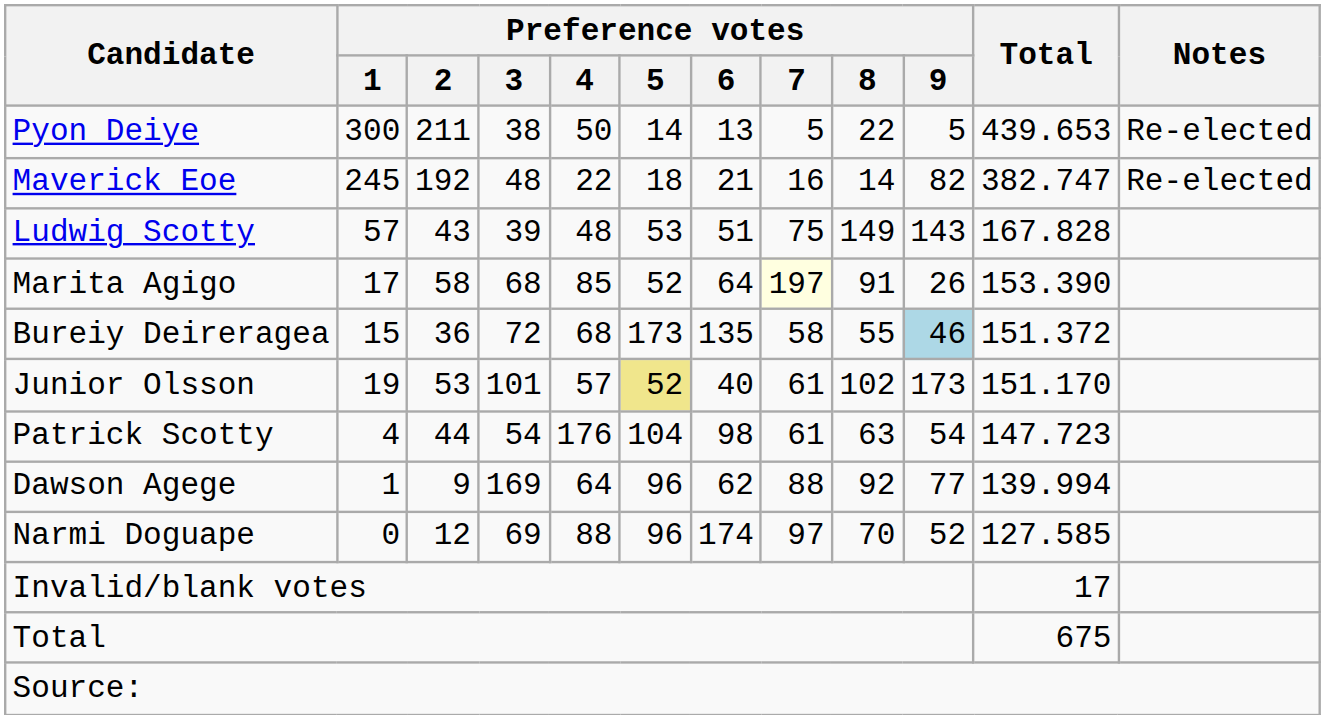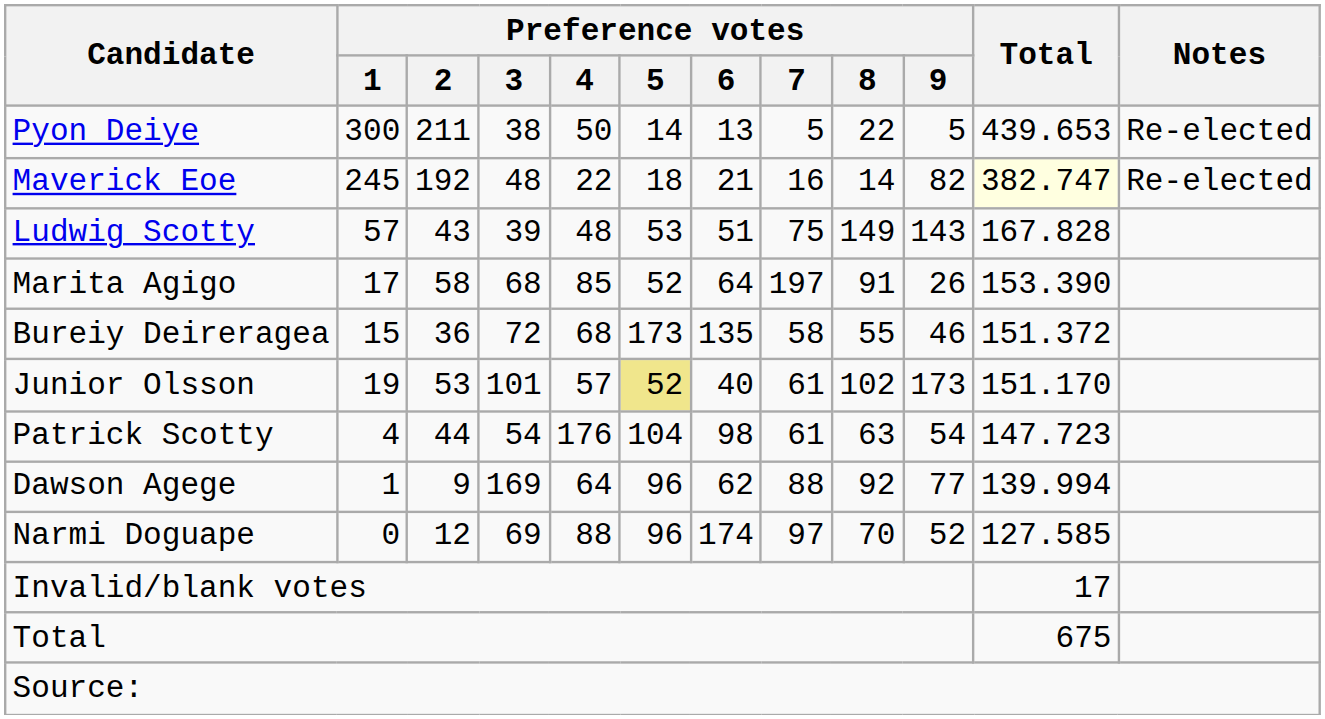 <table class="wikitable" style="text-align:right">
 <tr>
 <th rowspan="2">Candidate</th>
 <th colspan="9">Preference votes</th>
 <th rowspan="2">Total</th>
 <th rowspan="2">Notes</th>
 </tr>
 <tr>
 <th>1</th>
 <th>2</th>
 <th>3</th>
 <th>4</th>
 <th>5</th>
 <th>6</th>
 <th>7</th>
 <th>8</th>
 <th>9</th>
 </tr>
 <tr>
 <td align="left"><a href='#'>Pyon Deiye</a></td>
 <td>300</td>
 <td>211</td>
 <td>38</td>
 <td>50</td>
 <td>14</td>
 <td>13</td>
 <td>5</td>
 <td>22</td>
 <td>5</td>
 <td>439.653</td>
 <td align="left">Re-elected</td>
 </tr>
 <tr>
 <td align="left"><a href='#'>Maverick Eoe</a></td>
 <td>245</td>
 <td>192</td>
 <td>48</td>
 <td>22</td>
 <td>18</td>
 <td>21</td>
 <td>16</td>
 <td>14</td>
 <td>82</td>
-<td>382.747</td>
+<td style="background: lightyellow;">382.747</td>
 <td align="left">Re-elected</td>
 </tr>
 <tr>
 <td align="left"><a href='#'>Ludwig Scotty</a></td>
 <td>57</td>
 <td>43</td>
 <td>39</td>
 <td>48</td>
 <td>53</td>
 <td>51</td>
 <td>75</td>
 <td>149</td>
 <td>143</td>
 <td>167.828</td>
 <td align="left"></td>
 </tr>
 <tr>
 <td align="left">Marita Agigo</td>
 <td>17</td>
 <td>58</td>
 <td>68</td>
 <td>85</td>
 <td>52</td>
 <td>64</td>
-<td style="background: lightyellow;">197</td>
+<td>197</td>
 <td>91</td>
 <td>26</td>
 <td>153.390</td>
 <td></td>
 </tr>
 <tr>
 <td align="left">Bureiy Deireragea</td>
 <td>15</td>
 <td>36</td>
 <td>72</td>
 <td>68</td>
 <td>173</td>
 <td>135</td>
 <td>58</td>
 <td>55</td>
-<td style="background: lightblue;">46</td>
+<td>46</td>
 <td>151.372</td>
 <td></td>
 </tr>
 <tr>
 <td align="left">Junior Olsson</td>
 <td>19</td>
 <td>53</td>
 <td>101</td>
 <td>57</td>
 <td style="background: khaki;">52</td>
 <td>40</td>
 <td>61</td>
 <td>102</td>
 <td>173</td>
 <td>151.170</td>
 <td></td>
 </tr>
 <tr>
 <td align="left">Patrick Scotty</td>
 <td>4</td>
 <td>44</td>
 <td>54</td>
 <td>176</td>
 <td>104</td>
 <td>98</td>
 <td>61</td>
 <td>63</td>
 <td>54</td>
 <td>147.723</td>
 <td></td>
 </tr>
 <tr>
 <td align="left">Dawson Agege</td>
 <td>1</td>
 <td>9</td>
 <td>169</td>
 <td>64</td>
 <td>96</td>
 <td>62</td>
 <td>88</td>
 <td>92</td>
 <td>77</td>
 <td>139.994</td>
 <td></td>
 </tr>
 <tr>
 <td align="left">Narmi Doguape</td>
 <td>0</td>
 <td>12</td>
 <td>69</td>
 <td>88</td>
 <td>96</td>
 <td>174</td>
 <td>97</td>
 <td>70</td>
 <td>52</td>
 <td>127.585</td>
 <td></td>
 </tr>
 <tr>
 <td colspan="10" align="left">Invalid/blank votes</td>
 <td>17</td>
 <td></td>
 </tr>
 <tr>
 <td colspan="10" align="left">Total</td>
 <td>675</td>
 <td></td>
 </tr>
 <tr>
 <td colspan="12" align="left">Source: </td>
 </tr>
 </table>
